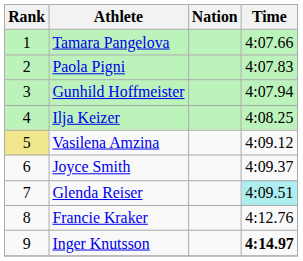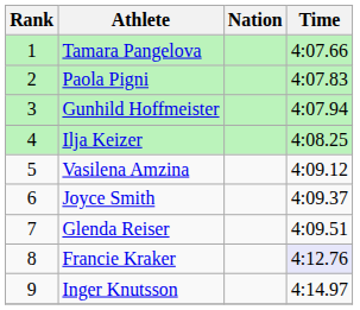 <table class="wikitable sortable" style="text-align:center">
 <tr>
 <th>Rank</th>
 <th>Athlete</th>
 <th>Nation</th>
 <th>Time</th>
 </tr>
 <tr bgcolor=bbf3bb>
 <td>1</td>
 <td align=left><a href='#'>Tamara Pangelova</a></td>
 <td align=left></td>
 <td>4:07.66</td>
 </tr>
 <tr bgcolor=bbf3bb>
 <td>2</td>
 <td align=left><a href='#'>Paola Pigni</a></td>
 <td align=left></td>
 <td>4:07.83</td>
 </tr>
 <tr bgcolor=bbf3bb>
 <td>3</td>
 <td align=left><a href='#'>Gunhild Hoffmeister</a></td>
 <td align=left></td>
 <td>4:07.94</td>
 </tr>
 <tr bgcolor=bbf3bb>
 <td>4</td>
 <td align=left><a href='#'>Ilja Keizer</a></td>
 <td align=left></td>
 <td>4:08.25</td>
 </tr>
 <tr>
-<td style="background: khaki;">5</td>
+<td>5</td>
 <td align=left><a href='#'>Vasilena Amzina</a></td>
 <td align=left></td>
 <td>4:09.12</td>
 </tr>
 <tr>
 <td>6</td>
 <td align=left><a href='#'>Joyce Smith</a></td>
 <td align=left></td>
 <td>4:09.37</td>
 </tr>
 <tr>
 <td>7</td>
 <td align=left><a href='#'>Glenda Reiser</a></td>
 <td align=left></td>
-<td style="background: paleturquoise;">4:09.51</td>
+<td>4:09.51</td>
 </tr>
 <tr>
 <td>8</td>
 <td align=left><a href='#'>Francie Kraker</a></td>
 <td align=left></td>
-<td>4:12.76</td>
+<td style="background: lavender;">4:12.76</td>
 </tr>
 <tr>
 <td>9</td>
 <td align=left><a href='#'>Inger Knutsson</a></td>
 <td align=left></td>
-<td><strong>4:14.97</strong></td>
+<td>4:14.97</td>
 </tr>
 <tr>
 </tr>
 </table>
